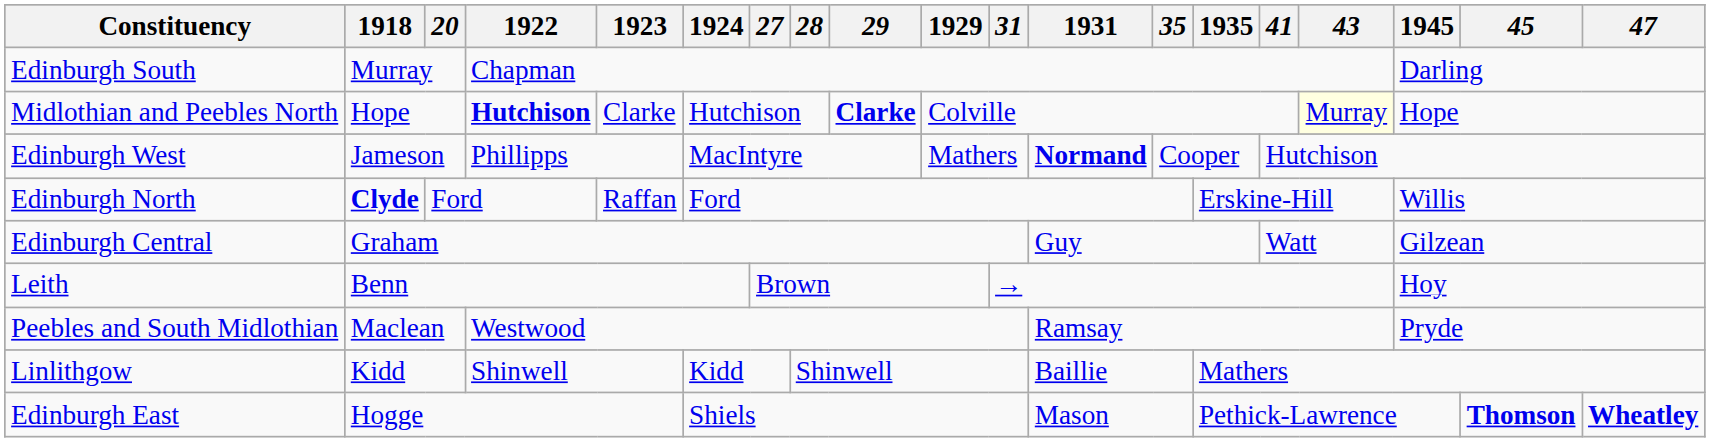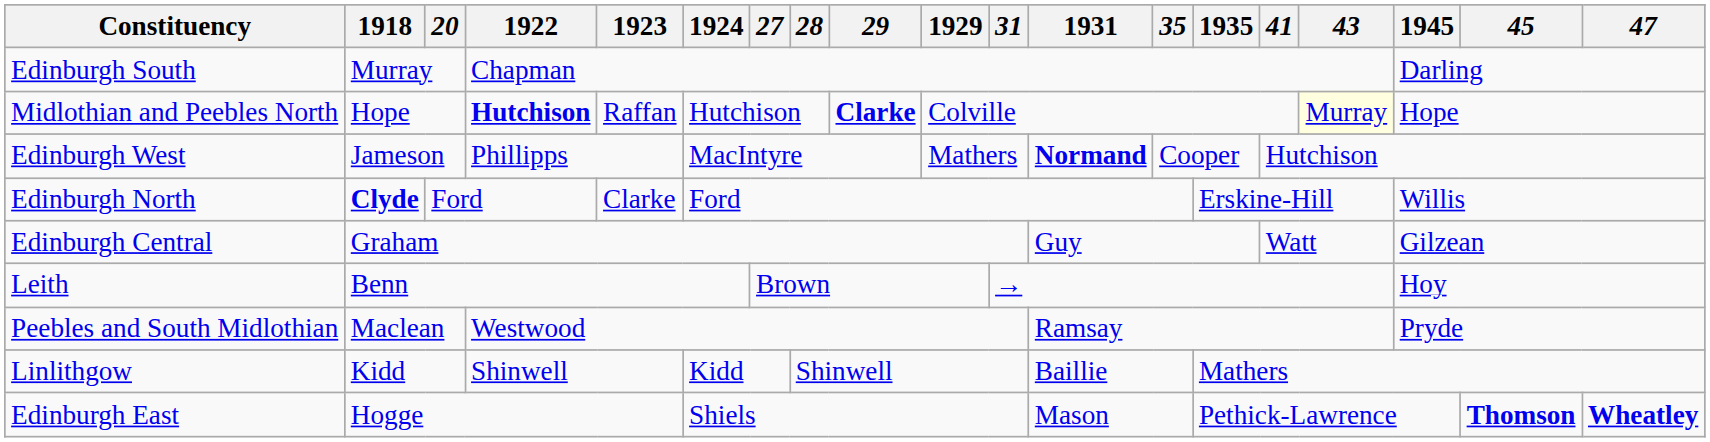 <table class="wikitable">
 <tr>
 <th>Constituency</th>
 <th>1918</th>
 <th><em>20</em></th>
 <th>1922</th>
 <th>1923</th>
 <th>1924</th>
 <th><em>27</em></th>
 <th><em>28</em></th>
 <th><em>29</em></th>
 <th>1929</th>
 <th><em>31</em></th>
 <th>1931</th>
 <th><em>35</em></th>
 <th>1935</th>
 <th><em>41</em></th>
 <th><em>43</em></th>
 <th>1945</th>
 <th><em>45</em></th>
 <th><em>47</em></th>
 </tr>
 <tr>
 <td><a href='#'>Edinburgh South</a></td>
 <td colspan="2"><a href='#'>Murray</a></td>
 <td colspan="13"><a href='#'>Chapman</a></td>
 <td colspan="3"><a href='#'>Darling</a></td>
 </tr>
 <tr>
 <td><a href='#'>Midlothian and Peebles North</a></td>
 <td colspan="2"><a href='#'>Hope</a></td>
 <td><strong><a href='#'>Hutchison</a></strong></td>
-<td><a href='#'>Clarke</a></td>
+<td><a href='#'>Raffan</a></td>
 <td colspan="3"><a href='#'>Hutchison</a></td>
 <td><strong><a href='#'>Clarke</a></strong></td>
 <td colspan="6"><a href='#'>Colville</a></td>
 <td style="background: lightyellow;"><a href='#'>Murray</a></td>
 <td colspan="3"><a href='#'>Hope</a></td>
 </tr>
 <tr>
 <td><a href='#'>Edinburgh West</a></td>
 <td colspan="2"><a href='#'>Jameson</a></td>
 <td colspan="2"><a href='#'>Phillipps</a></td>
 <td colspan="4"><a href='#'>MacIntyre</a></td>
 <td colspan="2"><a href='#'>Mathers</a></td>
 <td><strong><a href='#'>Normand</a></strong></td>
 <td colspan="2"><a href='#'>Cooper</a></td>
 <td colspan="5"><a href='#'>Hutchison</a></td>
 </tr>
 <tr>
 <td><a href='#'>Edinburgh North</a></td>
 <td><strong><a href='#'>Clyde</a></strong></td>
 <td colspan="2"><a href='#'>Ford</a></td>
-<td><a href='#'>Raffan</a></td>
+<td><a href='#'>Clarke</a></td>
 <td colspan="8"><a href='#'>Ford</a></td>
 <td colspan="3"><a href='#'>Erskine-Hill</a></td>
 <td colspan="3"><a href='#'>Willis</a></td>
 </tr>
 <tr>
 <td><a href='#'>Edinburgh Central</a></td>
 <td colspan="10"><a href='#'>Graham</a></td>
 <td colspan="3"><a href='#'>Guy</a></td>
 <td colspan="2"><a href='#'>Watt</a></td>
 <td colspan="3"><a href='#'>Gilzean</a></td>
 </tr>
 <tr>
 <td><a href='#'>Leith</a></td>
 <td colspan="5"><a href='#'>Benn</a></td>
 <td colspan="4"><a href='#'>Brown</a></td>
 <td colspan="6"><a href='#'>→</a></td>
 <td colspan="3"><a href='#'>Hoy</a></td>
 </tr>
 <tr>
 <td><a href='#'>Peebles and South Midlothian</a></td>
 <td colspan="2"><a href='#'>Maclean</a></td>
 <td colspan="8"><a href='#'>Westwood</a></td>
 <td colspan="5"><a href='#'>Ramsay</a></td>
 <td colspan="3"><a href='#'>Pryde</a></td>
 </tr>
 <tr>
 <td><a href='#'>Linlithgow</a></td>
 <td colspan="2"><a href='#'>Kidd</a></td>
 <td colspan="2"><a href='#'>Shinwell</a></td>
 <td colspan="2"><a href='#'>Kidd</a></td>
 <td colspan="4"><a href='#'>Shinwell</a></td>
 <td colspan="2"><a href='#'>Baillie</a></td>
 <td colspan="6"><a href='#'>Mathers</a></td>
 </tr>
 <tr>
 <td><a href='#'>Edinburgh East</a></td>
 <td colspan="4"><a href='#'>Hogge</a></td>
 <td colspan="6"><a href='#'>Shiels</a></td>
 <td colspan="2"><a href='#'>Mason</a></td>
 <td colspan="4"><a href='#'>Pethick-Lawrence</a></td>
 <td><strong><a href='#'>Thomson</a></strong></td>
 <td><strong><a href='#'>Wheatley</a></strong></td>
 </tr>
 </table>
